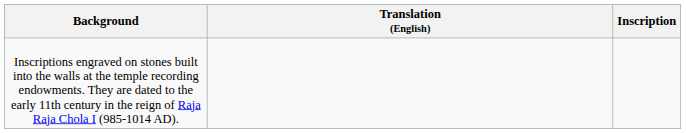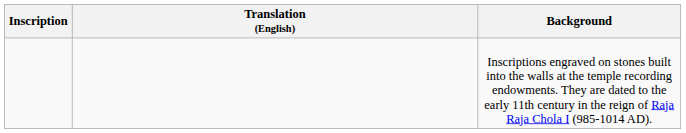 <table class="wikitable centre">
 <tr>
+<th>Inscription<br></th>
+<th>Translation<br><small>(English)</small></th>
 <th scope="col" align=left>Background<br></th>
-<th>Translation<br><small>(English)</small></th>
-<th>Inscription<br></th>
 </tr>
 <tr>
+<td align=center width="10%"><br></td>
+<td align=left><br></td>
 <td align=center width="30%"><br>Inscriptions engraved on stones built into the walls at the temple recording endowments. They are dated to the early 11th century in the reign of <a href='#'>Raja Raja Chola I</a> (985-1014 AD).</td>
-<td align=left><br></td>
-<td align=center width="10%"><br></td>
 </tr>
 </table>
